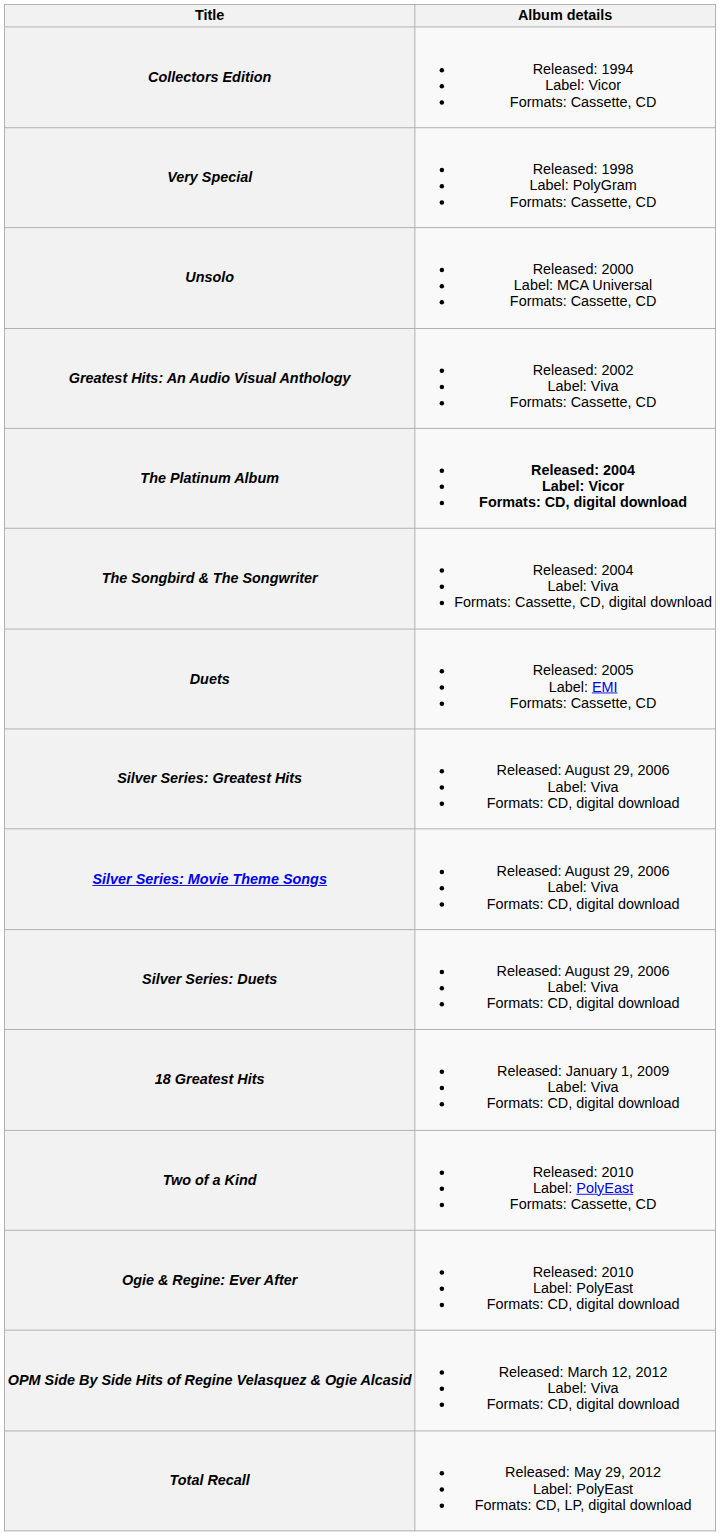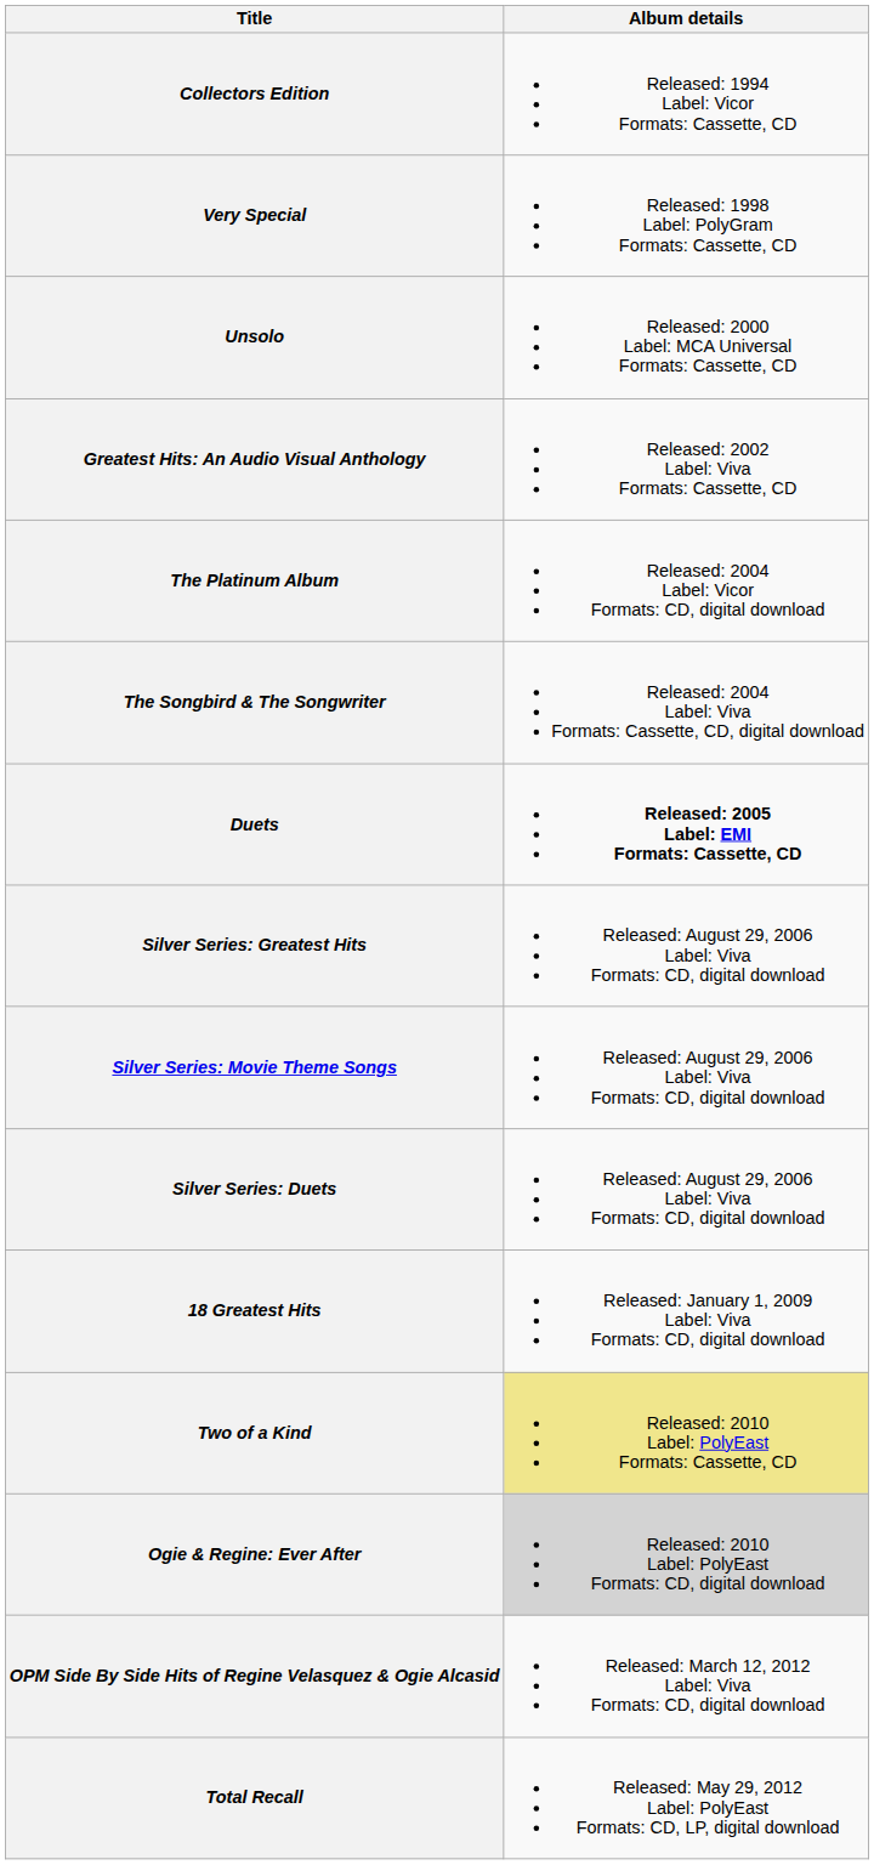 <table class="wikitable plainrowheaders" style="text-align:center;">
 <tr>
 <th scope="col">Title</th>
 <th scope="col">Album details</th>
 </tr>
 <tr>
 <th scope="row"><em>Collectors Edition</em></th>
 <td><br><ul><li>Released: 1994</li><li>Label: Vicor</li><li>Formats: Cassette, CD</li></ul></td>
 </tr>
 <tr>
 <th scope="row"><em>Very Special</em></th>
 <td><br><ul><li>Released: 1998</li><li>Label: PolyGram</li><li>Formats: Cassette, CD</li></ul></td>
 </tr>
 <tr>
 <th scope="row"><em>Unsolo</em></th>
 <td><br><ul><li>Released: 2000</li><li>Label: MCA Universal</li><li>Formats: Cassette, CD</li></ul></td>
 </tr>
 <tr>
 <th scope="row"><em>Greatest Hits: An Audio Visual Anthology</em></th>
 <td><br><ul><li>Released: 2002</li><li>Label: Viva</li><li>Formats: Cassette, CD</li></ul></td>
 </tr>
 <tr>
 <th scope="row"><em>The Platinum Album</em></th>
-<td><strong><br><ul><li>Released: 2004</li><li>Label: Vicor</li><li>Formats: CD, digital download</li></ul></strong></td>
+<td><br><ul><li>Released: 2004</li><li>Label: Vicor</li><li>Formats: CD, digital download</li></ul></td>
 </tr>
 <tr>
 <th scope="row"><em>The Songbird & The Songwriter</em></th>
 <td><br><ul><li>Released: 2004</li><li>Label: Viva</li><li>Formats: Cassette, CD, digital download</li></ul></td>
 </tr>
 <tr>
 <th scope="row"><em>Duets</em></th>
-<td><br><ul><li>Released: 2005</li><li>Label: <a href='#'>EMI</a></li><li>Formats: Cassette, CD</li></ul></td>
+<td><strong><br><ul><li>Released: 2005</li><li>Label: <a href='#'>EMI</a></li><li>Formats: Cassette, CD</li></ul></strong></td>
 </tr>
 <tr>
 <th scope="row"><em>Silver Series: Greatest Hits</em></th>
 <td><br><ul><li>Released: August 29, 2006</li><li>Label: Viva</li><li>Formats: CD, digital download</li></ul></td>
 </tr>
 <tr>
 <th scope="row"><em><a href='#'>Silver Series: Movie Theme Songs</a></em></th>
 <td><br><ul><li>Released: August 29, 2006</li><li>Label: Viva</li><li>Formats: CD, digital download</li></ul></td>
 </tr>
 <tr>
 <th scope="row"><em>Silver Series: Duets</em></th>
 <td><br><ul><li>Released: August 29, 2006</li><li>Label: Viva</li><li>Formats: CD, digital download</li></ul></td>
 </tr>
 <tr>
 <th scope="row"><em>18 Greatest Hits</em></th>
 <td><br><ul><li>Released: January 1, 2009</li><li>Label: Viva</li><li>Formats: CD, digital download</li></ul></td>
 </tr>
 <tr>
 <th scope="row"><em>Two of a Kind</em></th>
-<td><br><ul><li>Released: 2010</li><li>Label: <a href='#'>PolyEast</a></li><li>Formats: Cassette, CD</li></ul></td>
+<td style="background: khaki;"><br><ul><li>Released: 2010</li><li>Label: <a href='#'>PolyEast</a></li><li>Formats: Cassette, CD</li></ul></td>
 </tr>
 <tr>
 <th scope="row"><em>Ogie & Regine: Ever After</em></th>
-<td><br><ul><li>Released: 2010</li><li>Label: PolyEast</li><li>Formats: CD, digital download</li></ul></td>
+<td style="background: lightgrey;"><br><ul><li>Released: 2010</li><li>Label: PolyEast</li><li>Formats: CD, digital download</li></ul></td>
 </tr>
 <tr>
 <th scope="row"><em>OPM Side By Side Hits of Regine Velasquez & Ogie Alcasid</em></th>
 <td><br><ul><li>Released: March 12, 2012</li><li>Label: Viva</li><li>Formats: CD, digital download</li></ul></td>
 </tr>
 <tr>
 <th scope="row"><em>Total Recall</em></th>
 <td><br><ul><li>Released: May 29, 2012</li><li>Label: PolyEast</li><li>Formats: CD, LP, digital download</li></ul></td>
 </tr>
 </table>
